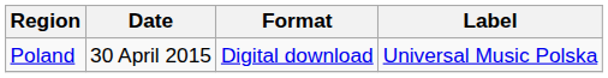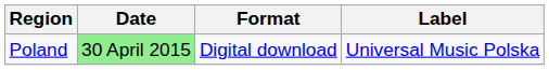 <table class=wikitable>
 <tr>
 <th>Region</th>
 <th>Date</th>
 <th>Format</th>
 <th>Label</th>
 </tr>
 <tr>
 <td><a href='#'>Poland</a></td>
-<td>30 April 2015</td>
+<td style="background: lightgreen;">30 April 2015</td>
 <td><a href='#'>Digital download</a></td>
 <td><a href='#'>Universal Music Polska</a></td>
 </tr>
 <tr>
 </tr>
 </table>
